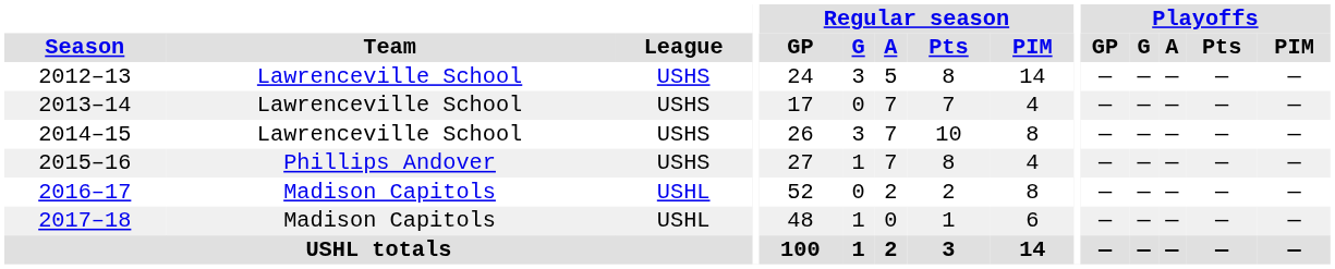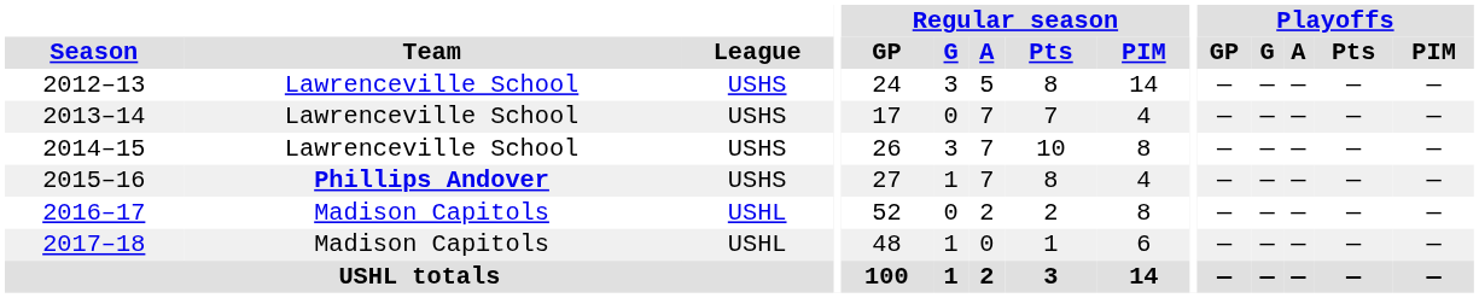 <table border="0" cellpadding="1" cellspacing="0" style="text-align:center; width:60em">
 <tr bgcolor="#e0e0e0">
 <th colspan="3" bgcolor="#ffffff"></th>
 <th rowspan="99" bgcolor="#ffffff"></th>
 <th colspan="5"><a href='#'>Regular season</a></th>
 <th rowspan="99" bgcolor="#ffffff"></th>
 <th colspan="5"><a href='#'>Playoffs</a></th>
 </tr>
 <tr bgcolor="#e0e0e0">
 <th><a href='#'>Season</a></th>
 <th>Team</th>
 <th>League</th>
 <th>GP</th>
 <th><a href='#'>G</a></th>
 <th><a href='#'>A</a></th>
 <th><a href='#'>Pts</a></th>
 <th><a href='#'>PIM</a></th>
 <th>GP</th>
 <th>G</th>
 <th>A</th>
 <th>Pts</th>
 <th>PIM</th>
 </tr>
 <tr>
 <td>2012–13</td>
 <td><a href='#'>Lawrenceville School</a></td>
 <td><a href='#'>USHS</a></td>
 <td>24</td>
 <td>3</td>
 <td>5</td>
 <td>8</td>
 <td>14</td>
 <td>—</td>
 <td>—</td>
 <td>—</td>
 <td>—</td>
 <td>—</td>
 </tr>
 <tr bgcolor="#f0f0f0">
 <td>2013–14</td>
 <td>Lawrenceville School</td>
 <td>USHS</td>
 <td>17</td>
 <td>0</td>
 <td>7</td>
 <td>7</td>
 <td>4</td>
 <td>—</td>
 <td>—</td>
 <td>—</td>
 <td>—</td>
 <td>—</td>
 </tr>
 <tr>
 <td>2014–15</td>
 <td>Lawrenceville School</td>
 <td>USHS</td>
 <td>26</td>
 <td>3</td>
 <td>7</td>
 <td>10</td>
 <td>8</td>
 <td>—</td>
 <td>—</td>
 <td>—</td>
 <td>—</td>
 <td>—</td>
 </tr>
 <tr bgcolor="#f0f0f0">
 <td>2015–16</td>
-<td><a href='#'>Phillips Andover</a></td>
+<td><strong><a href='#'>Phillips Andover</a></strong></td>
 <td>USHS</td>
 <td>27</td>
 <td>1</td>
 <td>7</td>
 <td>8</td>
 <td>4</td>
 <td>—</td>
 <td>—</td>
 <td>—</td>
 <td>—</td>
 <td>—</td>
 </tr>
 <tr>
 <td><a href='#'>2016–17</a></td>
 <td><a href='#'>Madison Capitols</a></td>
 <td><a href='#'>USHL</a></td>
 <td>52</td>
 <td>0</td>
 <td>2</td>
 <td>2</td>
 <td>8</td>
 <td>—</td>
 <td>—</td>
 <td>—</td>
 <td>—</td>
 <td>—</td>
 </tr>
 <tr bgcolor="#f0f0f0">
 <td><a href='#'>2017–18</a></td>
 <td>Madison Capitols</td>
 <td>USHL</td>
 <td>48</td>
 <td>1</td>
 <td>0</td>
 <td>1</td>
 <td>6</td>
 <td>—</td>
 <td>—</td>
 <td>—</td>
 <td>—</td>
 <td>—</td>
 </tr>
 <tr bgcolor="#e0e0e0">
 <th colspan="3">USHL totals</th>
 <th>100</th>
 <th>1</th>
 <th>2</th>
 <th>3</th>
 <th>14</th>
 <th>—</th>
 <th>—</th>
 <th>—</th>
 <th>—</th>
 <th>—</th>
 </tr>
 </table>
